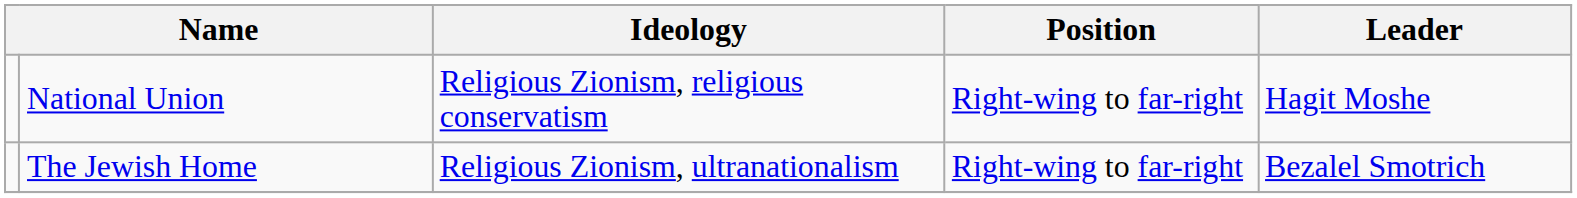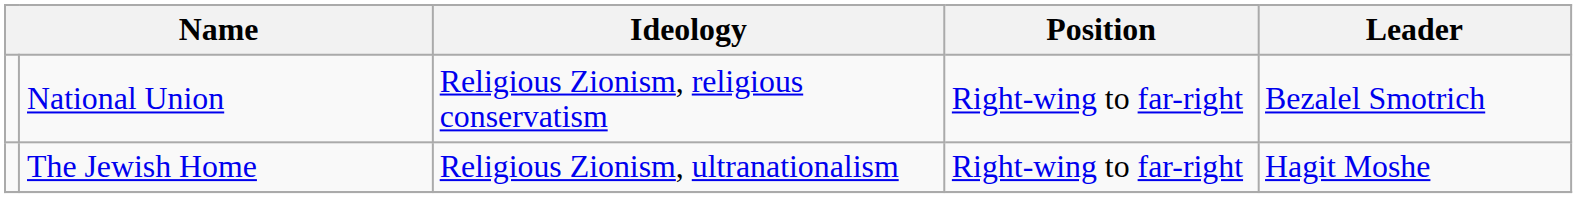 <table class="wikitable">
 <tr>
 <th colspan=2>Name</th>
 <th>Ideology</th>
 <th>Position</th>
 <th>Leader</th>
 </tr>
 <tr>
 <td style="background:"></td>
 <td style="width:200px"><a href='#'>National Union</a></td>
 <td style="width:250px"><a href='#'>Religious Zionism</a>, <a href='#'>religious conservatism</a></td>
 <td style="width:150px"><a href='#'>Right-wing</a> to <a href='#'>far-right</a></td>
-<td style="width:150px"><a href='#'>Hagit Moshe</a></td>
+<td style="width:150px"><a href='#'>Bezalel Smotrich</a></td>
 </tr>
 <tr>
 <td style="background:"></td>
 <td style="width:200px"><a href='#'>The Jewish Home</a></td>
 <td style="width:250px"><a href='#'>Religious Zionism</a>, <a href='#'>ultranationalism</a></td>
 <td style="width:150px"><a href='#'>Right-wing</a> to <a href='#'>far-right</a></td>
-<td style="width:150px"><a href='#'>Bezalel Smotrich</a></td>
+<td style="width:150px"><a href='#'>Hagit Moshe</a></td>
 </tr>
 <tr>
 </tr>
 </table>
